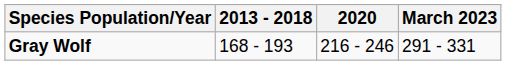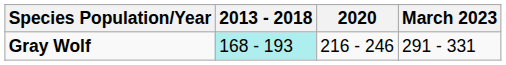 <table class="wikitable" style="margin-left: auto; margin-right: auto; border: none;">
 <tr>
 <th>Species Population/Year</th>
 <th>2013 - 2018</th>
 <th>2020</th>
 <th>March 2023</th>
 </tr>
 <tr>
 <td><strong>Gray Wolf</strong></td>
-<td>168 - 193</td>
+<td style="background: paleturquoise;">168 - 193</td>
 <td>216 - 246</td>
 <td>291 - 331</td>
 </tr>
 <tr>
 </tr>
 </table>
